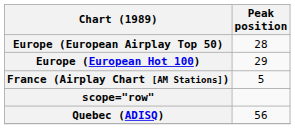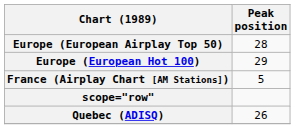 <table class="wikitable sortable plainrowheaders">
 <tr>
 <th>Chart (1989)</th>
 <th>Peak<br>position</th>
 </tr>
 <tr>
 <th scope="row">Europe (European Airplay Top 50)</th>
 <td align="center">28</td>
 </tr>
 <tr>
 <th scope="row">Europe (<a href='#'>European Hot 100</a>)</th>
 <td align="center">29</td>
 </tr>
 <tr>
 <th scope="row">France (Airplay Chart <small>[AM Stations]</small>)</th>
 <td align="center">5</td>
 </tr>
 <tr>
 <th>scope="row"</th>
 </tr>
 <tr>
 <th scope="row">Quebec (<a href='#'>ADISQ</a>)</th>
-<td align="center">56</td>
+<td align="center">26</td>
 </tr>
 <tr>
 </tr>
 </table>
